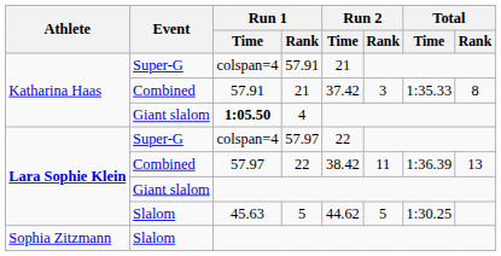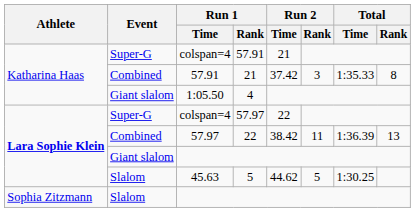 <table class="wikitable" style="font-size:90%">
 <tr>
 <th rowspan=2>Athlete</th>
 <th rowspan=2>Event</th>
 <th colspan=2>Run 1</th>
 <th colspan=2>Run 2</th>
 <th colspan=2>Total</th>
 </tr>
 <tr style="font-size:95%">
 <th>Time</th>
 <th>Rank</th>
 <th>Time</th>
 <th>Rank</th>
 <th>Time</th>
 <th>Rank</th>
 </tr>
 <tr align=center>
 <td align="left" rowspan="3"><a href='#'>Katharina Haas</a></td>
 <td align="left"><a href='#'>Super-G</a></td>
 <td>colspan=4</td>
 <td>57.91</td>
 <td>21</td>
 </tr>
 <tr align=center>
 <td align="left"><a href='#'>Combined</a></td>
 <td>57.91</td>
 <td>21</td>
 <td>37.42</td>
 <td>3</td>
 <td>1:35.33</td>
 <td>8</td>
 </tr>
 <tr align=center>
 <td align="left"><a href='#'>Giant slalom</a></td>
-<td><strong>1:05.50</strong></td>
+<td>1:05.50</td>
 <td>4</td>
 <td colspan=4></td>
 </tr>
 <tr align=center>
 <td align="left" rowspan="4"><strong><a href='#'>Lara Sophie Klein</a></strong></td>
 <td align="left"><a href='#'>Super-G</a></td>
 <td>colspan=4</td>
 <td>57.97</td>
 <td>22</td>
 </tr>
 <tr align=center>
 <td align="left"><a href='#'>Combined</a></td>
 <td>57.97</td>
 <td>22</td>
 <td>38.42</td>
 <td>11</td>
 <td>1:36.39</td>
 <td>13</td>
 </tr>
 <tr align=center>
 <td align="left"><a href='#'>Giant slalom</a></td>
 <td colspan=6></td>
 </tr>
 <tr align=center>
 <td align="left"><a href='#'>Slalom</a></td>
 <td>45.63</td>
 <td>5</td>
 <td>44.62</td>
 <td>5</td>
 <td>1:30.25</td>
 <td></td>
 </tr>
 <tr align=center>
 <td align="left"><a href='#'>Sophia Zitzmann</a></td>
 <td align="left"><a href='#'>Slalom</a></td>
 <td colspan=6></td>
 </tr>
 </table>
